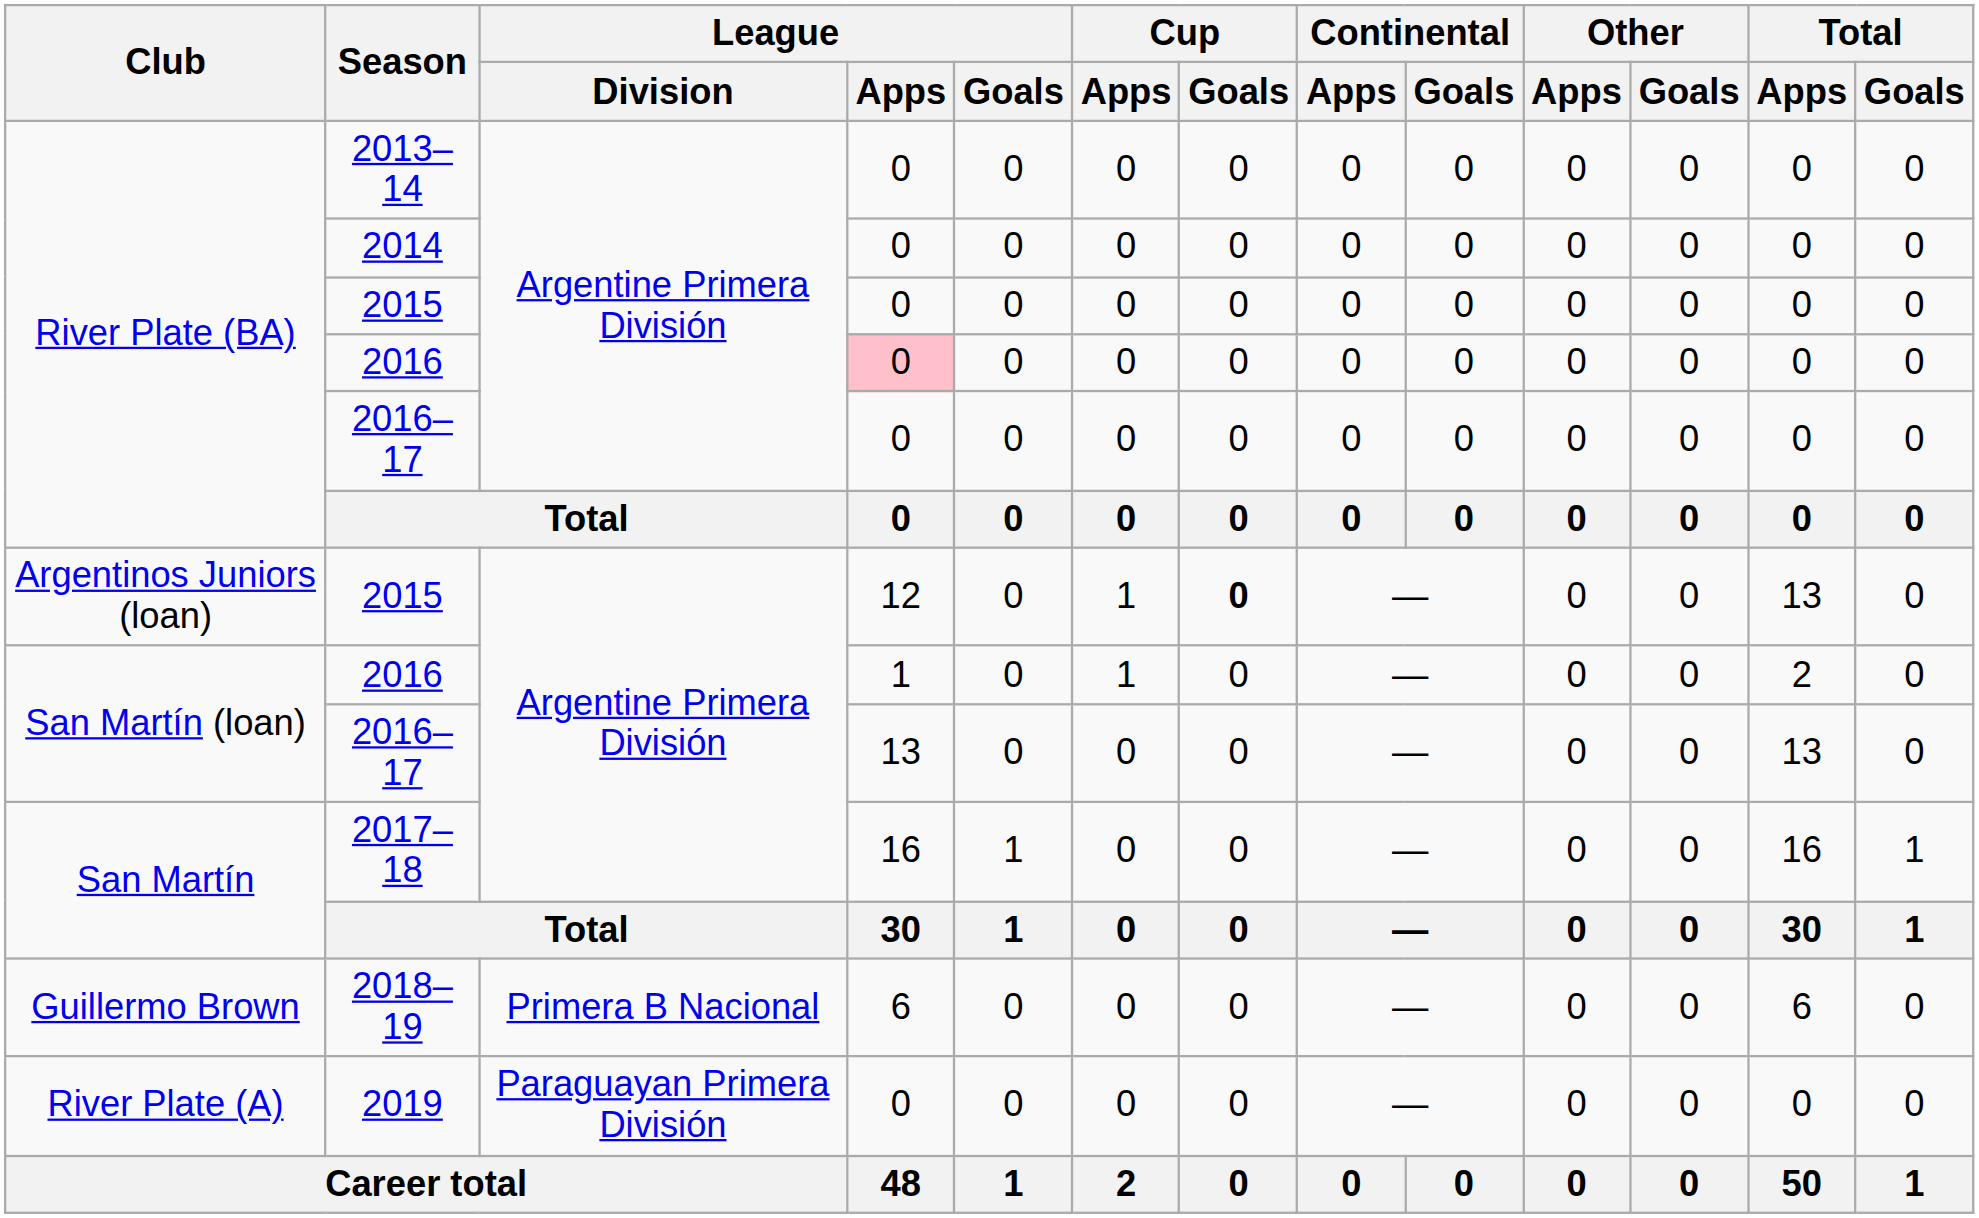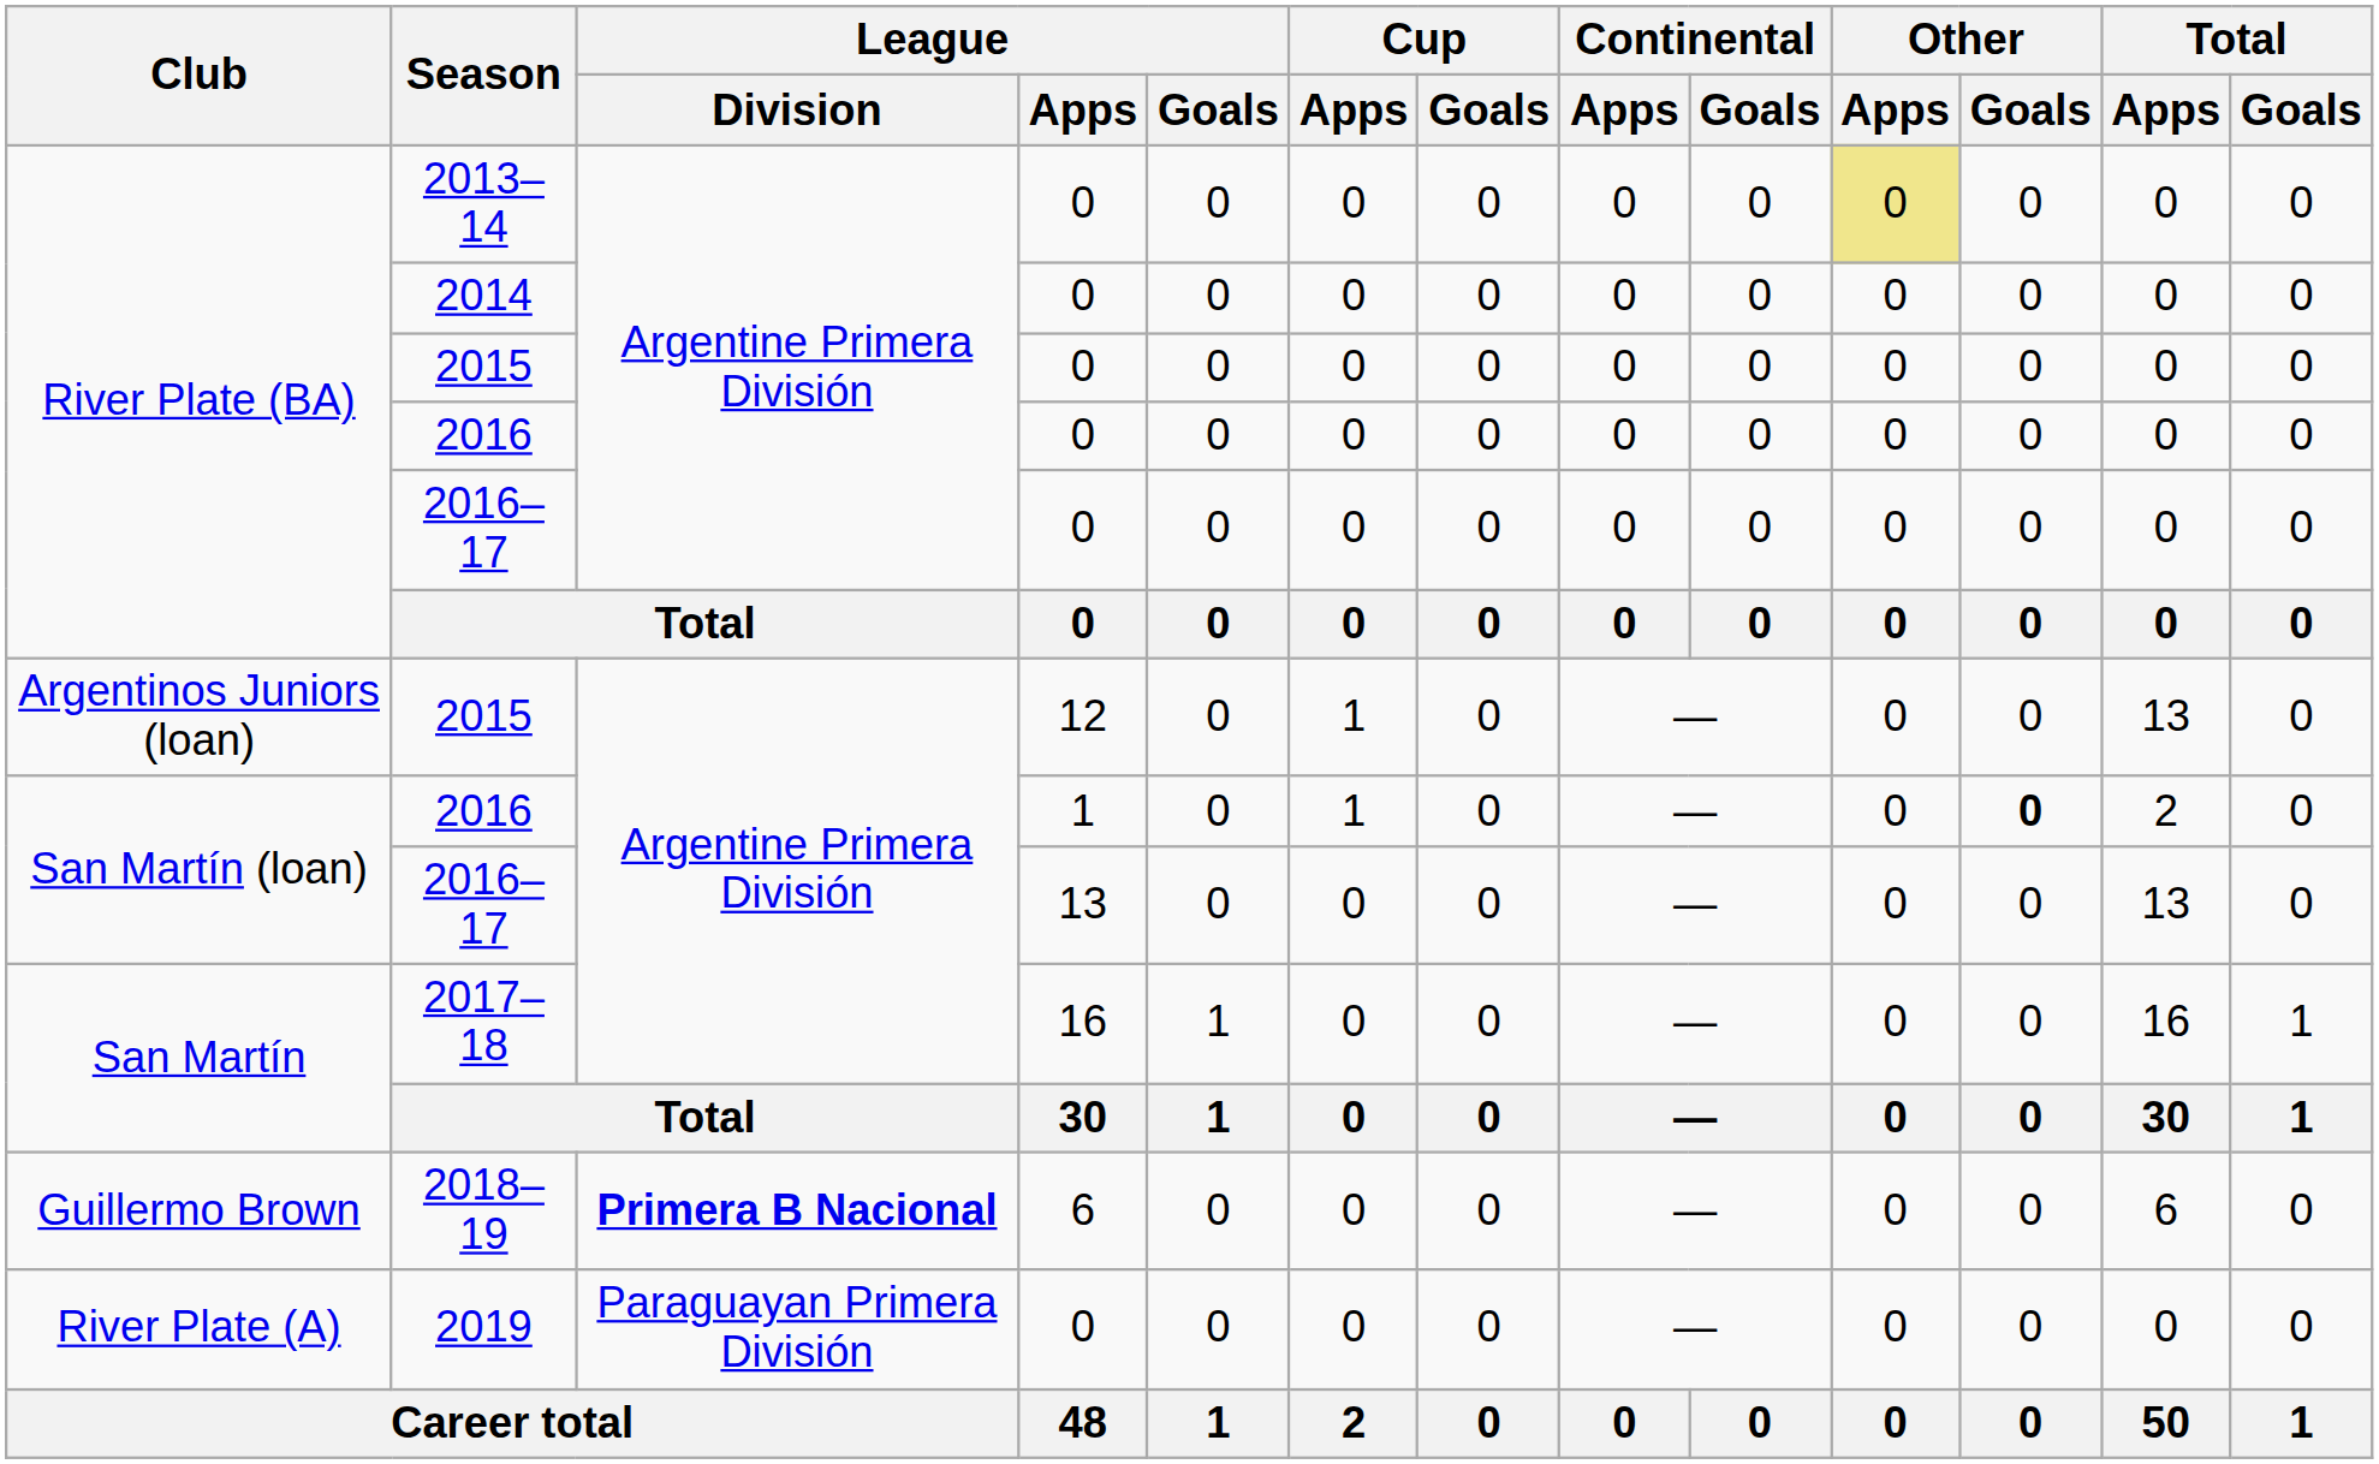 <table class="wikitable" style="text-align:center">
 <tr>
 <th rowspan="2">Club</th>
 <th rowspan="2">Season</th>
 <th colspan="3">League</th>
 <th colspan="2">Cup</th>
 <th colspan="2">Continental</th>
 <th colspan="2">Other</th>
 <th colspan="2">Total</th>
 </tr>
 <tr>
 <th>Division</th>
 <th>Apps</th>
 <th>Goals</th>
 <th>Apps</th>
 <th>Goals</th>
 <th>Apps</th>
 <th>Goals</th>
 <th>Apps</th>
 <th>Goals</th>
 <th>Apps</th>
 <th>Goals</th>
 </tr>
 <tr>
 <td rowspan="6"><a href='#'>River Plate (BA)</a></td>
 <td><a href='#'>2013–14</a></td>
 <td rowspan="5"><a href='#'>Argentine Primera División</a></td>
 <td>0</td>
 <td>0</td>
 <td>0</td>
 <td>0</td>
 <td>0</td>
 <td>0</td>
-<td>0</td>
+<td style="background: khaki;">0</td>
 <td>0</td>
 <td>0</td>
 <td>0</td>
 </tr>
 <tr>
 <td><a href='#'>2014</a></td>
 <td>0</td>
 <td>0</td>
 <td>0</td>
 <td>0</td>
 <td>0</td>
 <td>0</td>
 <td>0</td>
 <td>0</td>
 <td>0</td>
 <td>0</td>
 </tr>
 <tr>
 <td><a href='#'>2015</a></td>
 <td>0</td>
 <td>0</td>
 <td>0</td>
 <td>0</td>
 <td>0</td>
 <td>0</td>
 <td>0</td>
 <td>0</td>
 <td>0</td>
 <td>0</td>
 </tr>
 <tr>
 <td><a href='#'>2016</a></td>
-<td style="background: pink;">0</td>
+<td>0</td>
 <td>0</td>
 <td>0</td>
 <td>0</td>
 <td>0</td>
 <td>0</td>
 <td>0</td>
 <td>0</td>
 <td>0</td>
 <td>0</td>
 </tr>
 <tr>
 <td><a href='#'>2016–17</a></td>
 <td>0</td>
 <td>0</td>
 <td>0</td>
 <td>0</td>
 <td>0</td>
 <td>0</td>
 <td>0</td>
 <td>0</td>
 <td>0</td>
 <td>0</td>
 </tr>
 <tr>
 <th colspan="2">Total</th>
 <th>0</th>
 <th>0</th>
 <th>0</th>
 <th>0</th>
 <th>0</th>
 <th>0</th>
 <th>0</th>
 <th>0</th>
 <th>0</th>
 <th>0</th>
 </tr>
 <tr>
 <td rowspan="1"><a href='#'>Argentinos Juniors</a> (loan)</td>
 <td><a href='#'>2015</a></td>
 <td rowspan="4"><a href='#'>Argentine Primera División</a></td>
 <td>12</td>
 <td>0</td>
 <td>1</td>
-<td><strong>0</strong></td>
+<td>0</td>
 <td colspan="2">—</td>
 <td>0</td>
 <td>0</td>
 <td>13</td>
 <td>0</td>
 </tr>
 <tr>
 <td rowspan="2"><a href='#'>San Martín</a> (loan)</td>
 <td><a href='#'>2016</a></td>
 <td>1</td>
 <td>0</td>
 <td>1</td>
 <td>0</td>
 <td colspan="2">—</td>
 <td>0</td>
-<td>0</td>
+<td><strong>0</strong></td>
 <td>2</td>
 <td>0</td>
 </tr>
 <tr>
 <td><a href='#'>2016–17</a></td>
 <td>13</td>
 <td>0</td>
 <td>0</td>
 <td>0</td>
 <td colspan="2">—</td>
 <td>0</td>
 <td>0</td>
 <td>13</td>
 <td>0</td>
 </tr>
 <tr>
 <td rowspan="2"><a href='#'>San Martín</a></td>
 <td><a href='#'>2017–18</a></td>
 <td>16</td>
 <td>1</td>
 <td>0</td>
 <td>0</td>
 <td colspan="2">—</td>
 <td>0</td>
 <td>0</td>
 <td>16</td>
 <td>1</td>
 </tr>
 <tr>
 <th colspan="2">Total</th>
 <th>30</th>
 <th>1</th>
 <th>0</th>
 <th>0</th>
 <th colspan="2">—</th>
 <th>0</th>
 <th>0</th>
 <th>30</th>
 <th>1</th>
 </tr>
 <tr>
 <td rowspan="1"><a href='#'>Guillermo Brown</a></td>
 <td><a href='#'>2018–19</a></td>
-<td rowspan="1"><a href='#'>Primera B Nacional</a></td>
+<td rowspan="1"><strong><a href='#'>Primera B Nacional</a></strong></td>
 <td>6</td>
 <td>0</td>
 <td>0</td>
 <td>0</td>
 <td colspan="2">—</td>
 <td>0</td>
 <td>0</td>
 <td>6</td>
 <td>0</td>
 </tr>
 <tr>
 <td rowspan="1"><a href='#'>River Plate (A)</a></td>
 <td><a href='#'>2019</a></td>
 <td rowspan="1"><a href='#'>Paraguayan Primera División</a></td>
 <td>0</td>
 <td>0</td>
 <td>0</td>
 <td>0</td>
 <td colspan="2">—</td>
 <td>0</td>
 <td>0</td>
 <td>0</td>
 <td>0</td>
 </tr>
 <tr>
 <th colspan="3">Career total</th>
 <th>48</th>
 <th>1</th>
 <th>2</th>
 <th>0</th>
 <th>0</th>
 <th>0</th>
 <th>0</th>
 <th>0</th>
 <th>50</th>
 <th>1</th>
 </tr>
 </table>
